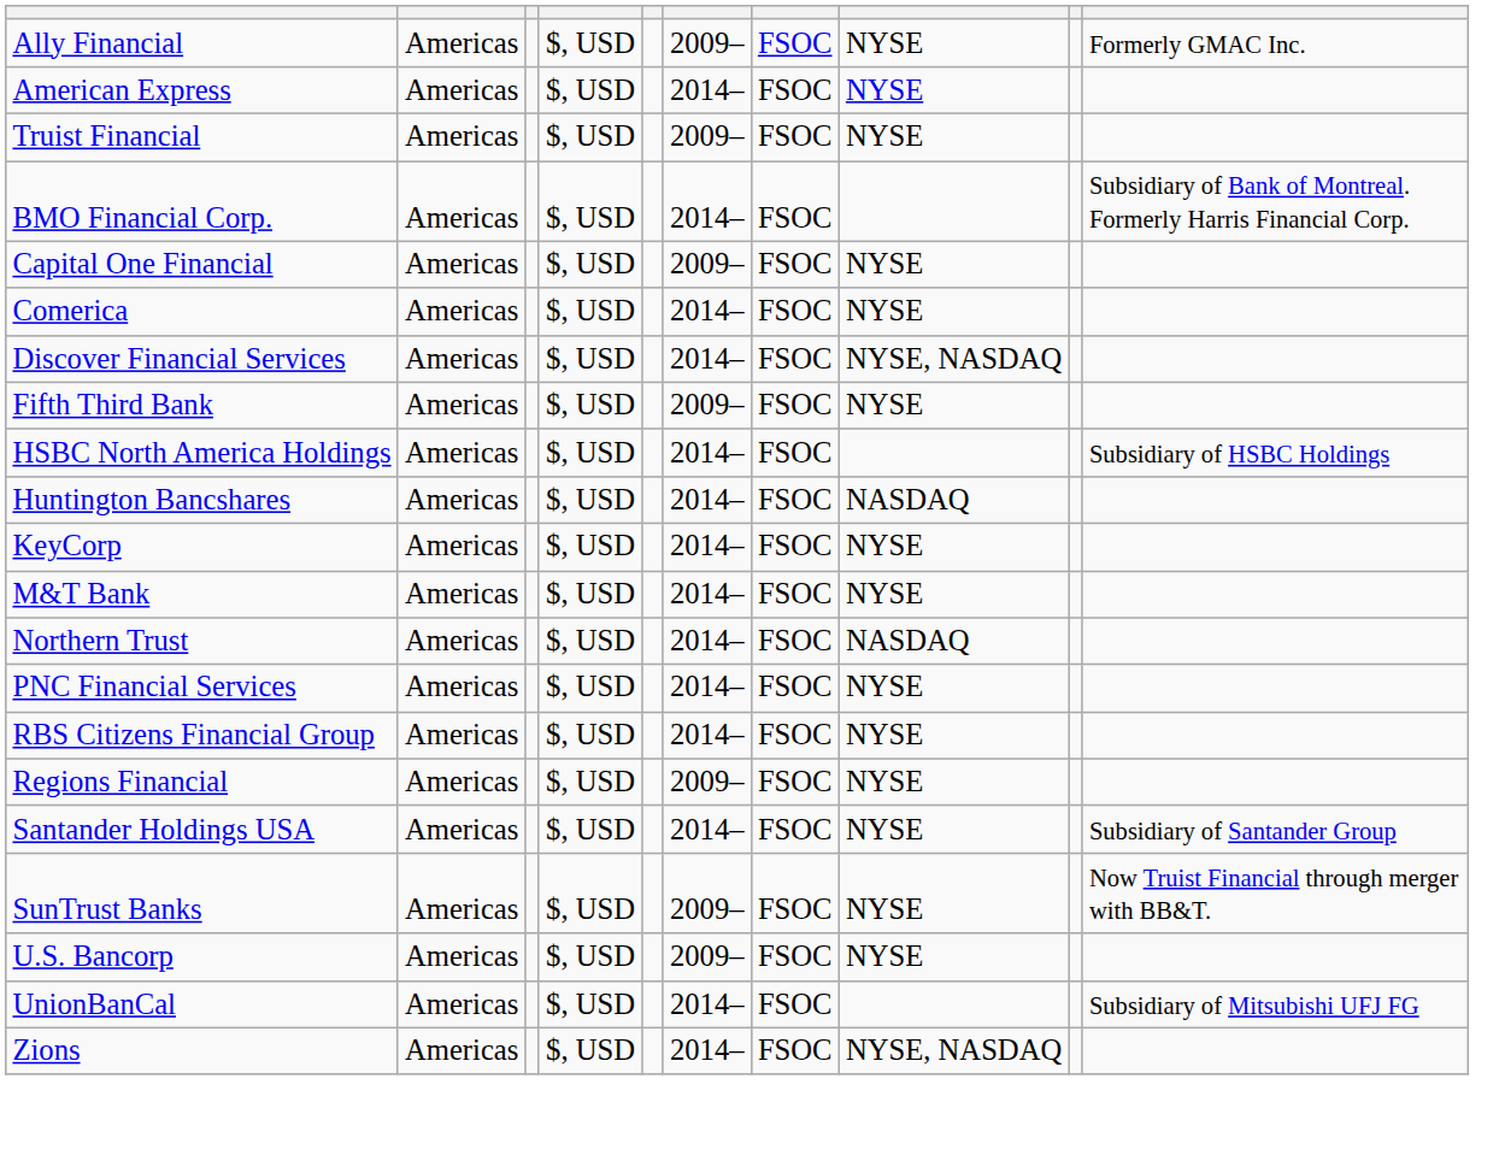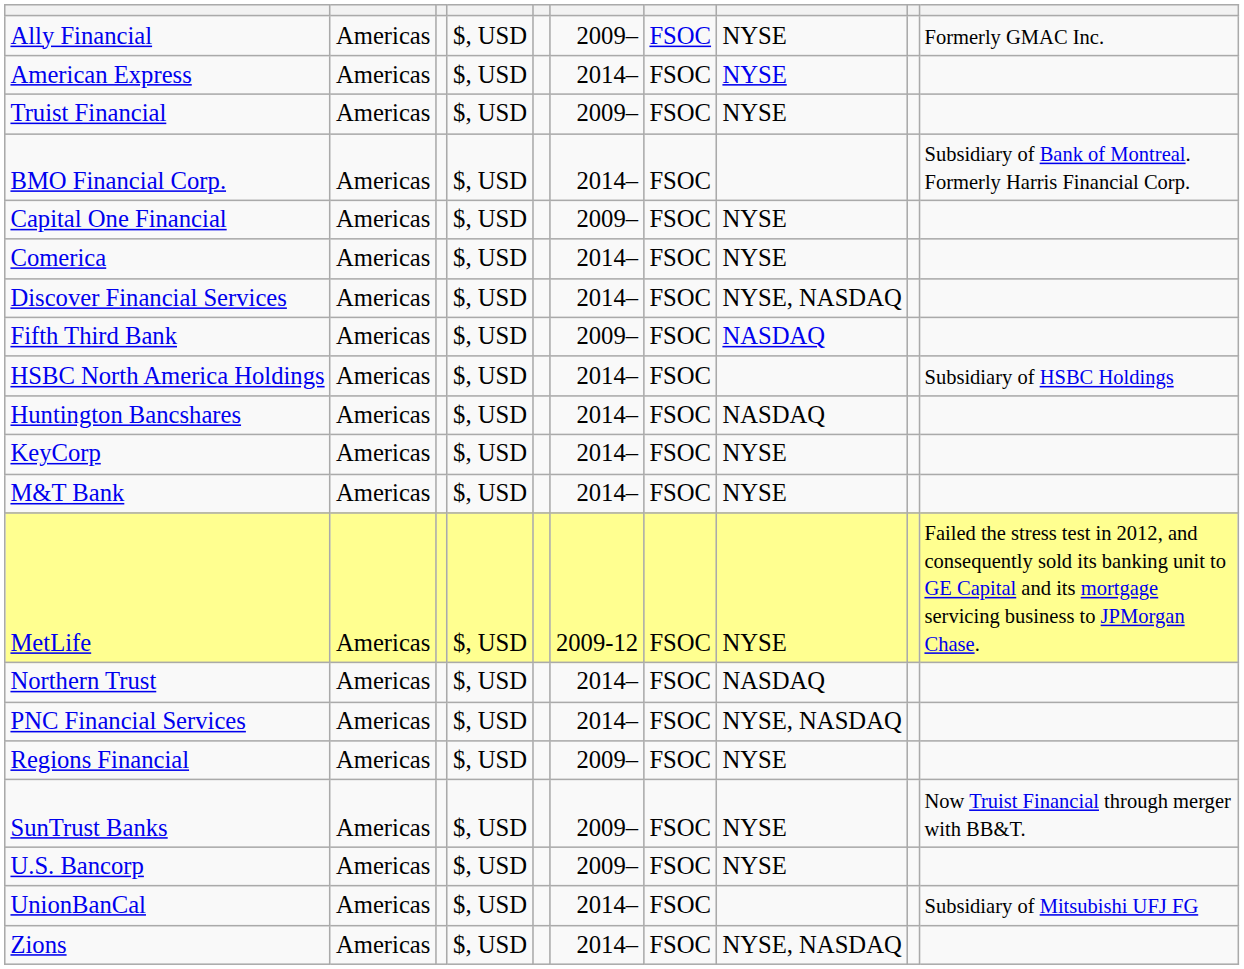 <table class="wikitable sortable" border="1">
 <tr>
 <th scope="col"></th>
 <th scope="col"></th>
 <th scope="col"></th>
 <th scope="col"></th>
 <th scope="col"></th>
 <th scope="col"></th>
 <th scope="col"></th>
 <th scope="col"></th>
 <th scope="col"></th>
 <th scope="col" class="unsortable" width="200"></th>
 </tr>
 <tr>
 <td valign="bottom"><a href='#'>Ally Financial</a></td>
 <td valign="bottom">Americas</td>
 <td valign="bottom"></td>
 <td valign="bottom">$, USD</td>
 <td align="right" align="right" valign="bottom"> </td>
 <td align="right" align="right" valign="bottom">2009–</td>
 <td valign="bottom"><a href='#'>FSOC</a></td>
 <td valign="bottom">NYSE</td>
 <td style="text-decoration:underline"  valign="bottom"></td>
 <td style="text-decoration:none"  valign="bottom"><small>Formerly GMAC Inc.</small></td>
 </tr>
 <tr>
 <td valign="bottom"><a href='#'>American Express</a></td>
 <td valign="bottom">Americas</td>
 <td valign="bottom"></td>
 <td valign="bottom">$, USD</td>
 <td align="right" align="right" valign="bottom"> </td>
 <td align="right" align="right" valign="bottom">2014–</td>
 <td valign="bottom">FSOC</td>
 <td valign="bottom"><a href='#'>NYSE</a></td>
 <td valign="bottom"></td>
 <td align="left"  valign="bottom"><small> </small></td>
 </tr>
 <tr>
 <td valign="bottom"><a href='#'>Truist Financial</a></td>
 <td valign="bottom">Americas</td>
 <td valign="bottom"></td>
 <td valign="bottom">$, USD</td>
 <td align="right" align="right" valign="bottom"> </td>
 <td align="right" align="right" valign="bottom">2009–</td>
 <td valign="bottom">FSOC</td>
 <td valign="bottom">NYSE</td>
 <td valign="bottom"></td>
 <td align="left"  valign="bottom"><small> </small></td>
 </tr>
 <tr>
 <td valign="bottom"><a href='#'>BMO Financial Corp.</a></td>
 <td valign="bottom">Americas</td>
 <td valign="bottom"></td>
 <td valign="bottom">$, USD</td>
 <td align="right" align="right" valign="bottom"> </td>
 <td align="right" align="right" valign="bottom">2014–</td>
 <td valign="bottom">FSOC</td>
 <td valign="bottom"></td>
 <td valign="bottom"></td>
 <td align="left"  valign="bottom"><small>Subsidiary of <a href='#'>Bank of Montreal</a>. Formerly Harris Financial Corp.</small></td>
 </tr>
 <tr>
 <td valign="bottom"><a href='#'>Capital One Financial</a></td>
 <td valign="bottom">Americas</td>
 <td valign="bottom"></td>
 <td valign="bottom">$, USD</td>
 <td align="right" align="right" valign="bottom"> </td>
 <td align="right" align="right" valign="bottom">2009–</td>
 <td valign="bottom">FSOC</td>
 <td valign="bottom">NYSE</td>
 <td valign="bottom"></td>
 <td align="left"  valign="bottom"><small> </small></td>
 </tr>
 <tr>
 <td valign="bottom"><a href='#'>Comerica</a></td>
 <td valign="bottom">Americas</td>
 <td valign="bottom"></td>
 <td valign="bottom">$, USD</td>
 <td align="right" align="right" valign="bottom"> </td>
 <td align="right" align="right" valign="bottom">2014–</td>
 <td valign="bottom">FSOC</td>
 <td valign="bottom">NYSE</td>
 <td valign="bottom"></td>
 <td align="left"  valign="bottom"><small> </small></td>
 </tr>
 <tr>
 <td valign="bottom"><a href='#'>Discover Financial Services</a></td>
 <td valign="bottom">Americas</td>
 <td valign="bottom"></td>
 <td valign="bottom">$, USD</td>
 <td align="right" align="right" valign="bottom"> </td>
 <td align="right" align="right" valign="bottom">2014–</td>
 <td valign="bottom">FSOC</td>
 <td valign="bottom">NYSE, NASDAQ</td>
 <td valign="bottom"></td>
 <td align="left"  valign="bottom"><small> </small></td>
 </tr>
 <tr>
 <td valign="bottom"><a href='#'>Fifth Third Bank</a></td>
 <td valign="bottom">Americas</td>
 <td valign="bottom"></td>
 <td valign="bottom">$, USD</td>
 <td align="right" align="right" valign="bottom"> </td>
 <td align="right" align="right" valign="bottom">2009–</td>
 <td valign="bottom">FSOC</td>
-<td valign="bottom">NYSE</td>
+<td valign="bottom"><a href='#'>NASDAQ</a></td>
 <td valign="bottom"></td>
 <td align="left"  valign="bottom"><small> </small></td>
 </tr>
 <tr>
 <td valign="bottom"><a href='#'>HSBC North America Holdings</a></td>
 <td valign="bottom">Americas</td>
 <td valign="bottom"></td>
 <td valign="bottom">$, USD</td>
 <td align="right" align="right" valign="bottom"> </td>
 <td align="right" align="right" valign="bottom">2014–</td>
 <td valign="bottom">FSOC</td>
 <td valign="bottom"></td>
 <td valign="bottom"></td>
 <td align="left"  valign="bottom"><small>Subsidiary of <a href='#'>HSBC Holdings</a></small></td>
 </tr>
 <tr>
 <td valign="bottom"><a href='#'>Huntington Bancshares</a></td>
 <td valign="bottom">Americas</td>
 <td valign="bottom"></td>
 <td valign="bottom">$, USD</td>
 <td align="right" align="right" valign="bottom"> </td>
 <td align="right" align="right" valign="bottom">2014–</td>
 <td valign="bottom">FSOC</td>
 <td valign="bottom">NASDAQ</td>
 <td valign="bottom"></td>
 <td align="left"  valign="bottom"><small> </small></td>
 </tr>
 <tr>
 <td valign="bottom"><a href='#'>KeyCorp</a></td>
 <td valign="bottom">Americas</td>
 <td valign="bottom"></td>
 <td valign="bottom">$, USD</td>
 <td align="right" align="right" valign="bottom"> </td>
 <td align="right" align="right" valign="bottom">2014–</td>
 <td valign="bottom">FSOC</td>
 <td valign="bottom">NYSE</td>
 <td valign="bottom"></td>
 <td align="left"  valign="bottom"><small> </small></td>
 </tr>
 <tr>
 <td valign="bottom"><a href='#'>M&T Bank</a></td>
 <td valign="bottom">Americas</td>
 <td valign="bottom"></td>
 <td valign="bottom">$, USD</td>
 <td align="right" align="right" valign="bottom"> </td>
 <td align="right" align="right" valign="bottom">2014–</td>
 <td valign="bottom">FSOC</td>
 <td valign="bottom">NYSE</td>
 <td valign="bottom"></td>
 <td align="left"  valign="bottom"><small> </small></td>
 </tr>
+<tr style="background-color:#FFFF90">
+<td valign="bottom"><a href='#'>MetLife</a></td>
+<td valign="bottom">Americas</td>
+<td valign="bottom"></td>
+<td valign="bottom">$, USD</td>
+<td align="right" align="right" valign="bottom"> </td>
+<td align="right" align="right" valign="bottom">2009‑12</td>
+<td valign="bottom">FSOC</td>
+<td valign="bottom">NYSE</td>
+<td valign="bottom"></td>
+<td align="left"  valign="bottom"><small>Failed the stress test in 2012, and consequently sold its banking unit to <a href='#'>GE Capital</a> and its <a href='#'>mortgage</a> servicing business to <a href='#'>JPMorgan Chase</a>.</small></td>
+</tr>
 <tr>
 <td valign="bottom"><a href='#'>Northern Trust</a></td>
 <td valign="bottom">Americas</td>
 <td valign="bottom"></td>
 <td valign="bottom">$, USD</td>
 <td align="right" align="right" valign="bottom"> </td>
 <td align="right" align="right" valign="bottom">2014–</td>
 <td valign="bottom">FSOC</td>
 <td valign="bottom">NASDAQ</td>
 <td valign="bottom"></td>
 <td align="left"  valign="bottom"><small> </small></td>
 </tr>
 <tr>
 <td valign="bottom"><a href='#'>PNC Financial Services</a></td>
 <td valign="bottom">Americas</td>
 <td valign="bottom"></td>
 <td valign="bottom">$, USD</td>
 <td align="right" align="right" valign="bottom"> </td>
 <td align="right" align="right" valign="bottom">2014–</td>
 <td valign="bottom">FSOC</td>
-<td valign="bottom">NYSE</td>
+<td valign="bottom">NYSE, NASDAQ</td>
 <td valign="bottom"></td>
 <td align="left"  valign="bottom"><small> </small></td>
-</tr>
-<tr>
-<td valign="bottom"><a href='#'>RBS Citizens Financial Group</a></td>
-<td valign="bottom">Americas</td>
-<td valign="bottom"></td>
-<td valign="bottom">$, USD</td>
-<td align="right" align="right" valign="bottom"> </td>
-<td align="right" align="right" valign="bottom">2014–</td>
-<td valign="bottom">FSOC</td>
-<td valign="bottom">NYSE</td>
-<td valign="bottom"></td>
-<td align="left"  valign="bottom"></td>
 </tr>
 <tr>
 <td valign="bottom"><a href='#'>Regions Financial</a></td>
 <td valign="bottom">Americas</td>
 <td valign="bottom"></td>
 <td valign="bottom">$, USD</td>
 <td align="right" align="right" valign="bottom"> </td>
 <td align="right" align="right" valign="bottom">2009–</td>
 <td valign="bottom">FSOC</td>
 <td valign="bottom">NYSE</td>
 <td valign="bottom"></td>
 <td align="left"  valign="bottom"><small> </small></td>
-</tr>
-<tr>
-<td valign="bottom"><a href='#'>Santander Holdings USA</a></td>
-<td valign="bottom">Americas</td>
-<td valign="bottom"></td>
-<td valign="bottom">$, USD</td>
-<td align="right" align="right" valign="bottom"> </td>
-<td align="right" align="right" valign="bottom">2014–</td>
-<td valign="bottom">FSOC</td>
-<td valign="bottom">NYSE</td>
-<td valign="bottom"></td>
-<td align="left"  valign="bottom"><small>Subsidiary of <a href='#'>Santander Group</a></small></td>
 </tr>
 <tr>
 <td valign="bottom"><a href='#'>SunTrust Banks</a></td>
 <td valign="bottom">Americas</td>
 <td valign="bottom"></td>
 <td valign="bottom">$, USD</td>
 <td align="right" align="right" valign="bottom"> </td>
 <td align="right" align="right" valign="bottom">2009–</td>
 <td valign="bottom">FSOC</td>
 <td valign="bottom">NYSE</td>
 <td valign="bottom"></td>
 <td align="left"  valign="bottom"><small>Now <a href='#'>Truist Financial</a> through merger with BB&T.</small></td>
 </tr>
 <tr>
 <td valign="bottom"><a href='#'>U.S. Bancorp</a></td>
 <td valign="bottom">Americas</td>
 <td valign="bottom"></td>
 <td valign="bottom">$, USD</td>
 <td align="right" align="right" valign="bottom"> </td>
 <td align="right" align="right" valign="bottom">2009–</td>
 <td valign="bottom">FSOC</td>
 <td valign="bottom">NYSE</td>
 <td valign="bottom"></td>
 <td align="left"  valign="bottom"><small> </small></td>
 </tr>
 <tr>
 <td valign="bottom"><a href='#'>UnionBanCal</a></td>
 <td valign="bottom">Americas</td>
 <td valign="bottom"></td>
 <td valign="bottom">$, USD</td>
 <td align="right" align="right" valign="bottom"> </td>
 <td align="right" align="right" valign="bottom">2014–</td>
 <td valign="bottom">FSOC</td>
 <td valign="bottom"></td>
 <td valign="bottom"></td>
 <td align="left"  valign="bottom"><small>Subsidiary of <a href='#'>Mitsubishi UFJ FG</a></small></td>
 </tr>
 <tr>
 <td valign="bottom"><a href='#'>Zions</a></td>
 <td valign="bottom">Americas</td>
 <td valign="bottom"></td>
 <td valign="bottom">$, USD</td>
 <td align="right" align="right" valign="bottom"> </td>
 <td align="right" align="right" valign="bottom">2014–</td>
 <td valign="bottom">FSOC</td>
 <td valign="bottom">NYSE, NASDAQ</td>
 <td valign="bottom"></td>
 <td align="left"  valign="bottom"><small> </small></td>
 </tr>
 </table>
